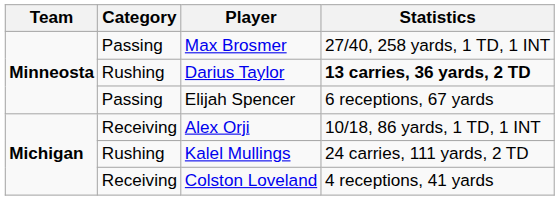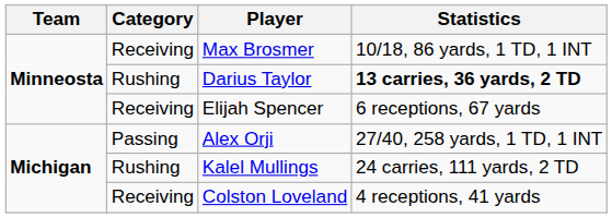 <table class="wikitable" style="float: right;">
 <tr>
 <th>Team</th>
 <th>Category</th>
 <th>Player</th>
 <th>Statistics</th>
 </tr>
 <tr>
 <td rowspan=3><strong>Minneosta</strong></td>
-<td>Passing</td>
+<td>Receiving</td>
 <td><a href='#'>Max Brosmer</a></td>
-<td>27/40, 258 yards, 1 TD, 1 INT</td>
+<td>10/18, 86 yards, 1 TD, 1 INT</td>
 </tr>
 <tr>
 <td>Rushing</td>
 <td><a href='#'>Darius Taylor</a></td>
 <td><strong>13 carries, 36 yards, 2 TD</strong></td>
 </tr>
 <tr>
-<td>Passing</td>
+<td>Receiving</td>
 <td>Elijah Spencer</td>
 <td>6 receptions, 67 yards</td>
 </tr>
 <tr>
 <td rowspan=3><strong>Michigan</strong></td>
-<td>Receiving</td>
+<td>Passing</td>
 <td><a href='#'>Alex Orji</a></td>
-<td>10/18, 86 yards, 1 TD, 1 INT</td>
+<td>27/40, 258 yards, 1 TD, 1 INT</td>
 </tr>
 <tr>
 <td>Rushing</td>
 <td><a href='#'>Kalel Mullings</a></td>
 <td>24 carries, 111 yards, 2 TD</td>
 </tr>
 <tr>
 <td>Receiving</td>
 <td><a href='#'>Colston Loveland</a></td>
 <td>4 receptions, 41 yards</td>
 </tr>
 </table>
